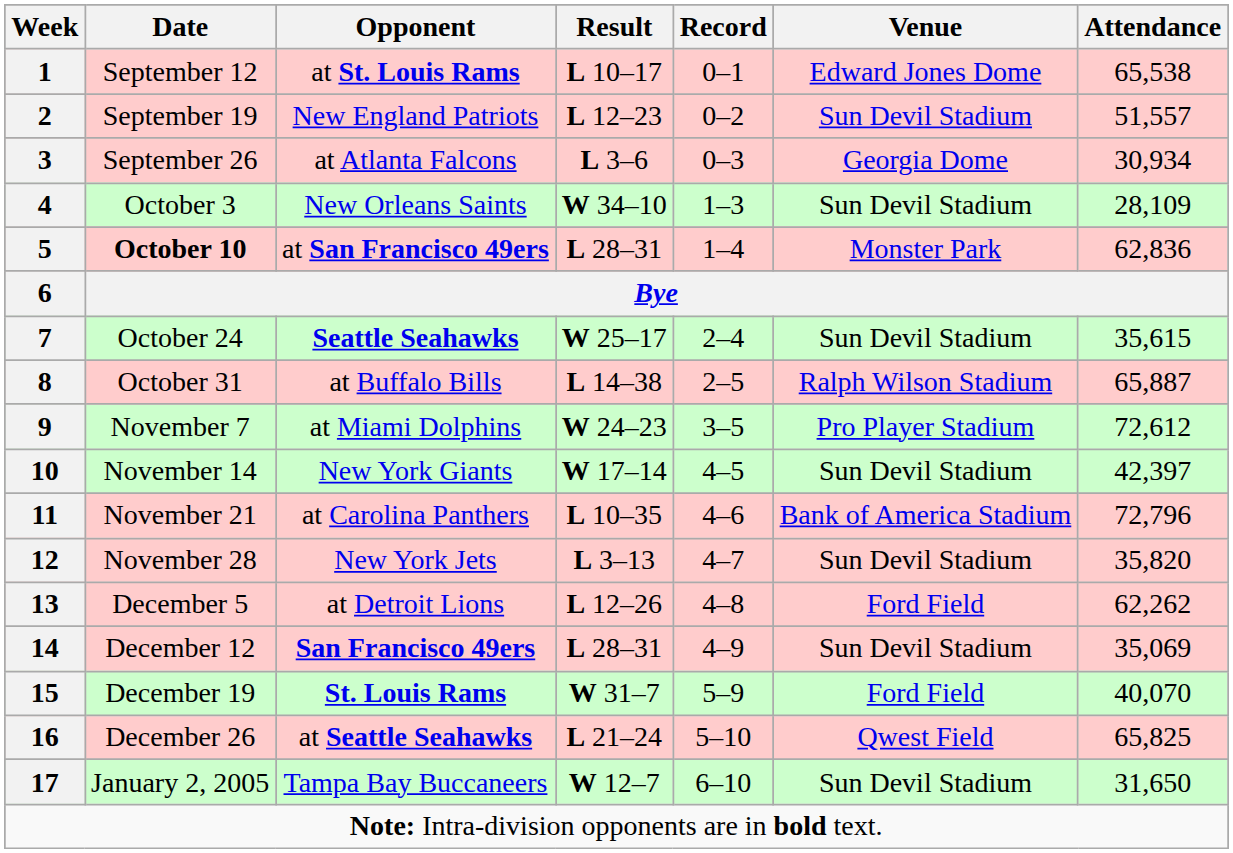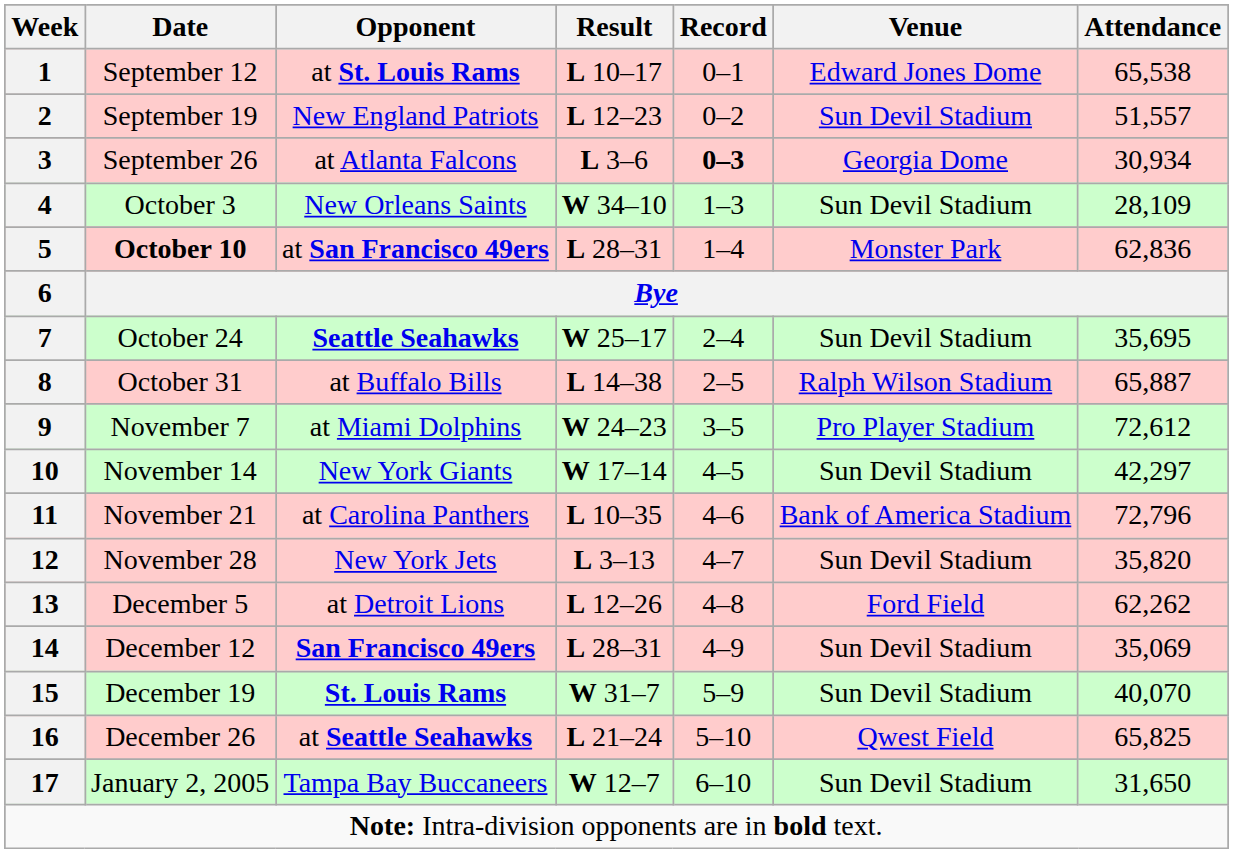 <table class="wikitable" style="text-align:center">
 <tr>
 <th>Week</th>
 <th>Date</th>
 <th>Opponent</th>
 <th>Result</th>
 <th>Record</th>
 <th>Venue</th>
 <th>Attendance</th>
 </tr>
 <tr style="background:#fcc">
 <th>1</th>
 <td>September 12</td>
 <td>at <strong><a href='#'>St. Louis Rams</a></strong></td>
 <td><strong>L</strong> 10–17</td>
 <td>0–1</td>
 <td><a href='#'>Edward Jones Dome</a></td>
 <td>65,538</td>
 </tr>
 <tr style="background:#fcc">
 <th>2</th>
 <td>September 19</td>
 <td><a href='#'>New England Patriots</a></td>
 <td><strong>L</strong> 12–23</td>
 <td>0–2</td>
 <td><a href='#'>Sun Devil Stadium</a></td>
 <td>51,557</td>
 </tr>
 <tr style="background:#fcc">
 <th>3</th>
 <td>September 26</td>
 <td>at <a href='#'>Atlanta Falcons</a></td>
 <td><strong>L</strong> 3–6</td>
-<td>0–3</td>
+<td><strong>0–3</strong></td>
 <td><a href='#'>Georgia Dome</a></td>
 <td>30,934</td>
 </tr>
 <tr style="background:#cfc">
 <th>4</th>
 <td>October 3</td>
 <td><a href='#'>New Orleans Saints</a></td>
 <td><strong>W</strong> 34–10</td>
 <td>1–3</td>
 <td>Sun Devil Stadium</td>
 <td>28,109</td>
 </tr>
 <tr style="background:#fcc">
 <th>5</th>
 <td><strong>October 10</strong></td>
 <td>at <strong><a href='#'>San Francisco 49ers</a></strong></td>
 <td><strong>L</strong> 28–31 </td>
 <td>1–4</td>
 <td><a href='#'>Monster Park</a></td>
 <td>62,836</td>
 </tr>
 <tr>
 <th>6</th>
 <th colspan="7"><em><a href='#'>Bye</a></em></th>
 </tr>
 <tr style="background:#cfc">
 <th>7</th>
 <td>October 24</td>
 <td><strong><a href='#'>Seattle Seahawks</a></strong></td>
 <td><strong>W</strong> 25–17</td>
 <td>2–4</td>
 <td>Sun Devil Stadium</td>
-<td>35,615</td>
+<td>35,695</td>
 </tr>
 <tr style="background:#fcc">
 <th>8</th>
 <td>October 31</td>
 <td>at <a href='#'>Buffalo Bills</a></td>
 <td><strong>L</strong> 14–38</td>
 <td>2–5</td>
 <td><a href='#'>Ralph Wilson Stadium</a></td>
 <td>65,887</td>
 </tr>
 <tr style="background:#cfc">
 <th>9</th>
 <td>November 7</td>
 <td>at <a href='#'>Miami Dolphins</a></td>
 <td><strong>W</strong> 24–23</td>
 <td>3–5</td>
 <td><a href='#'>Pro Player Stadium</a></td>
 <td>72,612</td>
 </tr>
 <tr style="background:#cfc">
 <th>10</th>
 <td>November 14</td>
 <td><a href='#'>New York Giants</a></td>
 <td><strong>W</strong> 17–14</td>
 <td>4–5</td>
 <td>Sun Devil Stadium</td>
-<td>42,397</td>
+<td>42,297</td>
 </tr>
 <tr style="background:#fcc">
 <th>11</th>
 <td>November 21</td>
 <td>at <a href='#'>Carolina Panthers</a></td>
 <td><strong>L</strong> 10–35</td>
 <td>4–6</td>
 <td><a href='#'>Bank of America Stadium</a></td>
 <td>72,796</td>
 </tr>
 <tr style="background:#fcc">
 <th>12</th>
 <td>November 28</td>
 <td><a href='#'>New York Jets</a></td>
 <td><strong>L</strong> 3–13</td>
 <td>4–7</td>
 <td>Sun Devil Stadium</td>
 <td>35,820</td>
 </tr>
 <tr style="background:#fcc">
 <th>13</th>
 <td>December 5</td>
 <td>at <a href='#'>Detroit Lions</a></td>
 <td><strong>L</strong> 12–26</td>
 <td>4–8</td>
 <td><a href='#'>Ford Field</a></td>
 <td>62,262</td>
 </tr>
 <tr style="background:#fcc">
 <th>14</th>
 <td>December 12</td>
 <td><strong><a href='#'>San Francisco 49ers</a></strong></td>
 <td><strong>L</strong> 28–31 </td>
 <td>4–9</td>
 <td>Sun Devil Stadium</td>
 <td>35,069</td>
 </tr>
 <tr style="background:#cfc">
 <th>15</th>
 <td>December 19</td>
 <td><strong><a href='#'>St. Louis Rams</a></strong></td>
 <td><strong>W</strong> 31–7</td>
 <td>5–9</td>
-<td><a href='#'>Ford Field</a></td>
+<td>Sun Devil Stadium</td>
 <td>40,070</td>
 </tr>
 <tr style="background:#fcc">
 <th>16</th>
 <td>December 26</td>
 <td>at <strong><a href='#'>Seattle Seahawks</a></strong></td>
 <td><strong>L</strong> 21–24</td>
 <td>5–10</td>
 <td><a href='#'>Qwest Field</a></td>
 <td>65,825</td>
 </tr>
 <tr style="background:#cfc">
 <th>17</th>
 <td>January 2, 2005</td>
 <td><a href='#'>Tampa Bay Buccaneers</a></td>
 <td><strong>W</strong> 12–7</td>
 <td>6–10</td>
 <td>Sun Devil Stadium</td>
 <td>31,650</td>
 </tr>
 <tr>
 <td colspan="7"><strong>Note:</strong> Intra-division opponents are in <strong>bold</strong> text.</td>
 </tr>
 </table>
